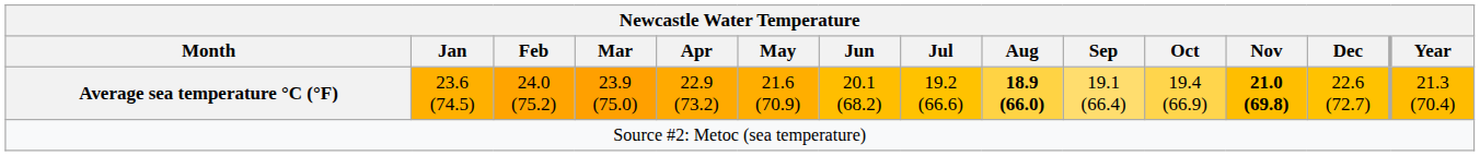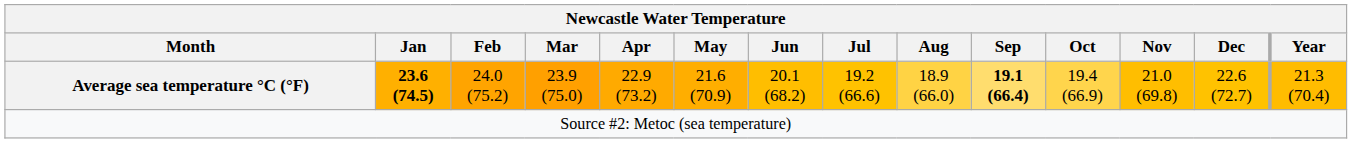 <table class="wikitable" style="width:90%;text-align:center;font-size:90%;line-height:1.2em;margin-left:auto;margin-right:auto">
 <tr>
 <th colspan="14">Newcastle Water Temperature</th>
 </tr>
 <tr>
 <th>Month</th>
 <th>Jan</th>
 <th>Feb</th>
 <th>Mar</th>
 <th>Apr</th>
 <th>May</th>
 <th>Jun</th>
 <th>Jul</th>
 <th>Aug</th>
 <th>Sep</th>
 <th>Oct</th>
 <th>Nov</th>
 <th>Dec</th>
 <th style="border-left-width:medium">Year</th>
 </tr>
 <tr>
 <th>Average sea temperature °C (°F)</th>
-<td style="background:#ffb000; color:#000;">23.6<br>(74.5)</td>
+<td style="background:#ffb000; color:#000;"><strong>23.6<br>(74.5)</strong></td>
 <td style="background:#ffa400; color:#000;">24.0<br>(75.2)</td>
 <td style="background:#ffa000; color:#000;">23.9<br>(75.0)</td>
 <td style="background:#fa0; color:#000;">22.9<br>(73.2)</td>
 <td style="background:#ffae00; color:#000;">21.6<br>(70.9)</td>
 <td style="background:#ffbe00; color:#000;">20.1<br>(68.2)</td>
 <td style="background:#ffc200; color:#000;">19.2<br>(66.6)</td>
-<td style="background:#ffd344; color:#000;"><strong>18.9<br>(66.0)</strong></td>
-<td style="background:#ffdd6e; color:#000;">19.1<br>(66.4)</td>
+<td style="background:#ffd344; color:#000;">18.9<br>(66.0)</td>
+<td style="background:#ffdd6e; color:#000;"><strong>19.1<br>(66.4)</strong></td>
 <td style="background:#ffd54c; color:#000;">19.4<br>(66.9)</td>
-<td style="background:#ffbe00; color:#000;"><strong>21.0<br>(69.8)</strong></td>
+<td style="background:#ffbe00; color:#000;">21.0<br>(69.8)</td>
 <td style="background:#ffc200; color:#000;">22.6<br>(72.7)</td>
 <td style="background:#ffbc00; color:#000; border-left-width:medium;">21.3<br>(70.4)</td>
 </tr>
 <tr>
 <th colspan="14" style="background:#f8f9fa;font-weight:normal;font-size:95%;">Source #2: Metoc (sea temperature)</th>
 </tr>
 </table>
